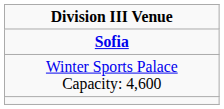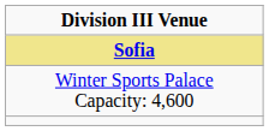 <table class="wikitable floatright" style="text-align:center;" width=220px>
 <tr>
 <td><strong>Division III Venue</strong></td>
 </tr>
 <tr>
-<td width=220px><strong><a href='#'>Sofia</a></strong></td>
+<td width=220px style="background: khaki;"><strong><a href='#'>Sofia</a></strong></td>
 </tr>
 <tr>
 <td><a href='#'>Winter Sports Palace</a><br>Capacity: 4,600</td>
 </tr>
 <tr>
 <td></td>
 </tr>
 </table>
